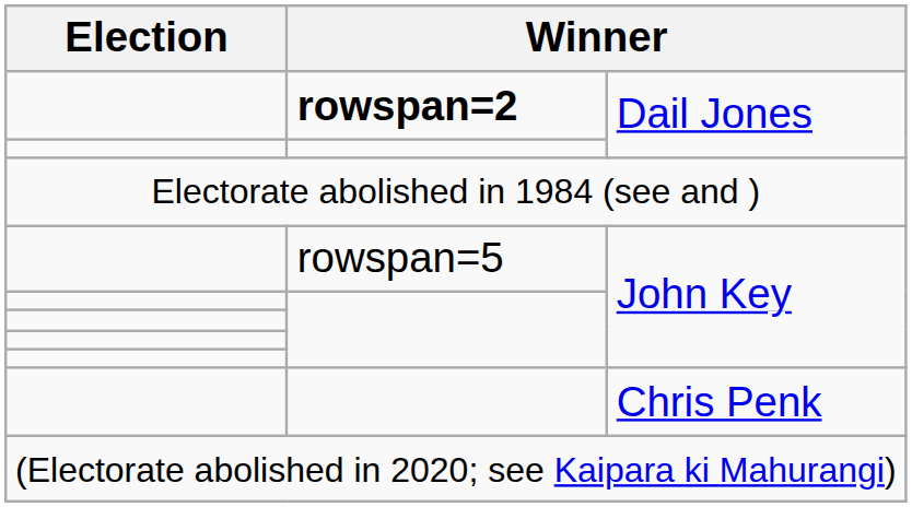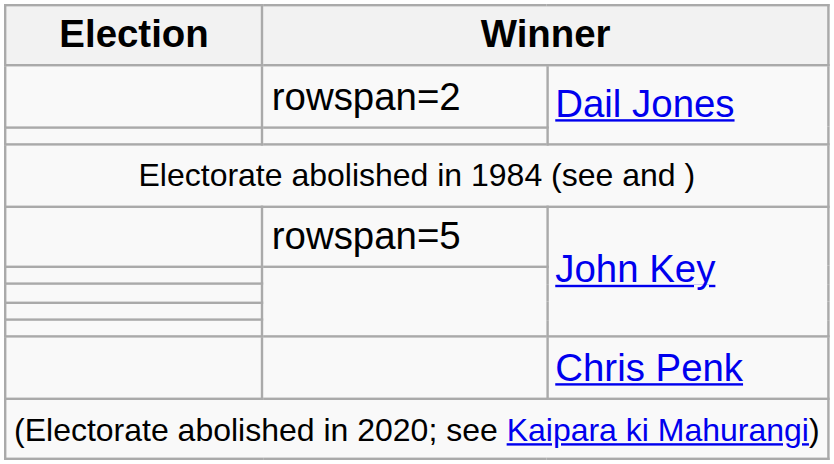 <table class=wikitable>
 <tr>
 <th width=100>Election</th>
 <th width=175 colspan=2>Winner</th>
 </tr>
 <tr>
 <td></td>
-<td><strong>rowspan=2 </strong></td>
+<td>rowspan=2 </td>
 <td rowspan=2><a href='#'>Dail Jones</a></td>
 </tr>
 <tr>
 <td></td>
 </tr>
 <tr>
 <td colspan=3 align=center><small>Electorate abolished in 1984 (see  and )</small></td>
 </tr>
 <tr>
 <td></td>
 <td>rowspan=5 </td>
 <td rowspan=5><a href='#'>John Key</a></td>
 </tr>
 <tr>
 <td></td>
 </tr>
 <tr>
 <td></td>
 </tr>
 <tr>
 <td></td>
 </tr>
 <tr>
 <td></td>
 </tr>
 <tr>
 <td></td>
 <td></td>
 <td><a href='#'>Chris Penk</a></td>
 </tr>
 <tr>
 <td colspan=3 align=center><small>(Electorate abolished in 2020; see <a href='#'>Kaipara ki Mahurangi</a>)</small></td>
 </tr>
 </table>
